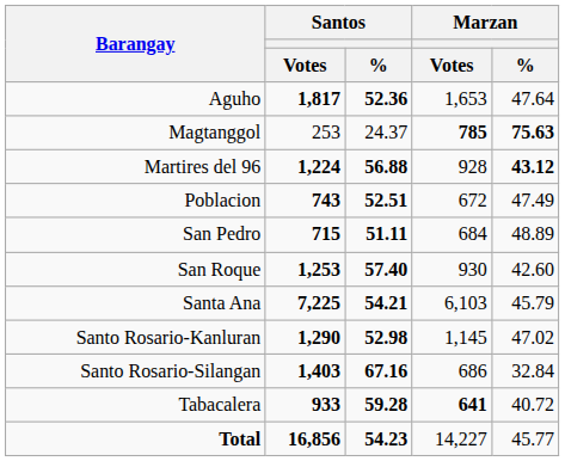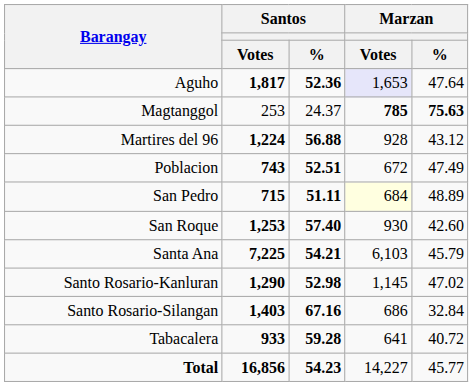 <table class="wikitable collapsible collapsed" style="text-align:right; font-size:95%; line-height:20px;">
 <tr>
 <th rowspan="3" width="200"><a href='#'>Barangay</a></th>
 <th colspan="2" width="110">Santos</th>
 <th colspan="2" width="110">Marzan</th>
 </tr>
 <tr>
 <th colspan="2" style="background:"></th>
 <th colspan="2" style="background:"></th>
 </tr>
 <tr>
 <th>Votes</th>
 <th>%</th>
 <th>Votes</th>
 <th>%</th>
 </tr>
 <tr>
 <td>Aguho</td>
 <td style="background:#"><strong>1,817</strong></td>
 <td style="background:#"><strong>52.36</strong></td>
-<td>1,653</td>
+<td style="background: lavender;">1,653</td>
 <td>47.64</td>
 </tr>
 <tr>
 <td>Magtanggol</td>
 <td>253</td>
 <td>24.37</td>
 <td style="background:#"><strong>785</strong></td>
 <td style="background:#"><strong>75.63</strong></td>
 </tr>
 <tr>
 <td>Martires del 96</td>
 <td style="background:#"><strong>1,224</strong></td>
 <td style="background:#"><strong>56.88</strong></td>
 <td>928</td>
-<td><strong>43.12</strong></td>
+<td>43.12</td>
 </tr>
 <tr>
 <td>Poblacion</td>
 <td style="background:#"><strong>743</strong></td>
 <td style="background:#"><strong>52.51</strong></td>
 <td>672</td>
 <td>47.49</td>
 </tr>
 <tr>
 <td>San Pedro</td>
 <td style="background:#"><strong>715</strong></td>
 <td style="background:#"><strong>51.11</strong></td>
-<td>684</td>
+<td style="background: lightyellow;">684</td>
 <td>48.89</td>
 </tr>
 <tr>
 <td>San Roque</td>
 <td style="background:#"><strong>1,253</strong></td>
 <td style="background:#"><strong>57.40</strong></td>
 <td>930</td>
 <td>42.60</td>
 </tr>
 <tr>
 <td>Santa Ana</td>
 <td style="background:#"><strong>7,225</strong></td>
 <td style="background:#"><strong>54.21</strong></td>
 <td>6,103</td>
 <td>45.79</td>
 </tr>
 <tr>
 <td>Santo Rosario-Kanluran</td>
 <td style="background:#"><strong>1,290</strong></td>
 <td style="background:#"><strong>52.98</strong></td>
 <td>1,145</td>
 <td>47.02</td>
 </tr>
 <tr>
 <td>Santo Rosario-Silangan</td>
 <td style="background:#"><strong>1,403</strong></td>
 <td style="background:#"><strong>67.16</strong></td>
 <td>686</td>
 <td>32.84</td>
 </tr>
 <tr>
 <td>Tabacalera</td>
 <td style="background:#"><strong>933</strong></td>
 <td style="background:#"><strong>59.28</strong></td>
-<td><strong>641</strong></td>
+<td>641</td>
 <td>40.72</td>
 </tr>
 <tr>
 <td><strong>Total</strong></td>
 <td style="background:#"><strong>16,856</strong></td>
 <td style="background:#"><strong>54.23</strong></td>
 <td>14,227</td>
 <td>45.77</td>
 </tr>
 </table>
